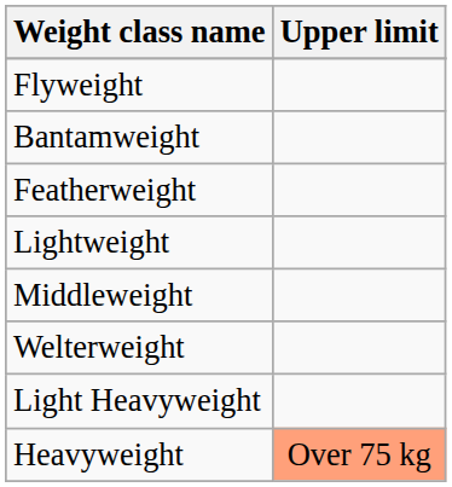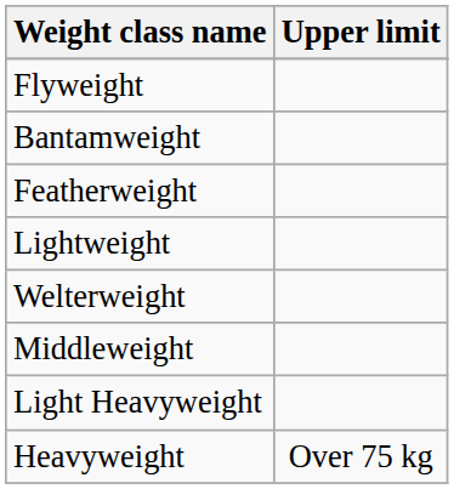 <table class="wikitable" style="font-size:95%;">
 <tr>
 <th>Weight class name</th>
 <th>Upper limit</th>
 </tr>
 <tr>
 </tr>
 <tr align="center">
 <td align="left">Flyweight</td>
 <td></td>
 </tr>
 <tr align="center">
 <td align="left">Bantamweight</td>
 <td></td>
 </tr>
 <tr align="center">
 <td align="left">Featherweight</td>
 <td></td>
 </tr>
 <tr align="center">
 <td align="left">Lightweight</td>
 <td></td>
 </tr>
 <tr align="center">
-<td align="left">Middleweight</td>
+<td align="left">Welterweight</td>
 <td></td>
 </tr>
 <tr align="center">
-<td align="left">Welterweight</td>
+<td align="left">Middleweight</td>
 <td></td>
 </tr>
 <tr align="center">
 <td align="left">Light Heavyweight</td>
 <td></td>
 </tr>
 <tr align="center">
 <td align="left">Heavyweight</td>
-<td style="background: lightsalmon;">Over 75 kg</td>
+<td>Over 75 kg</td>
 </tr>
 </table>
